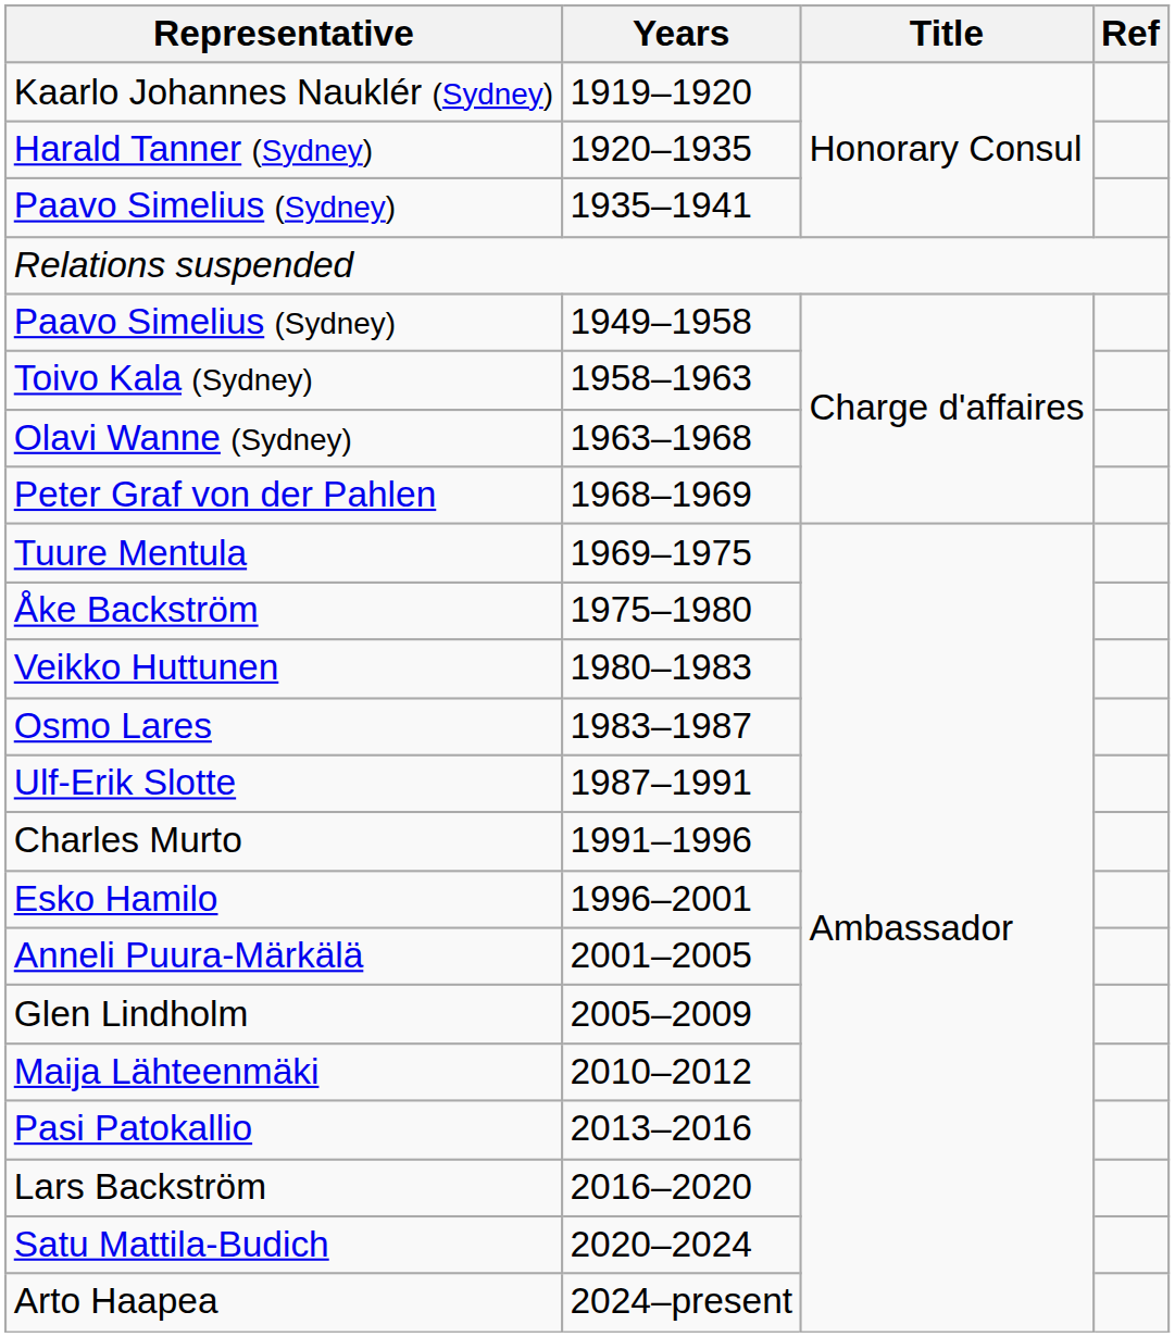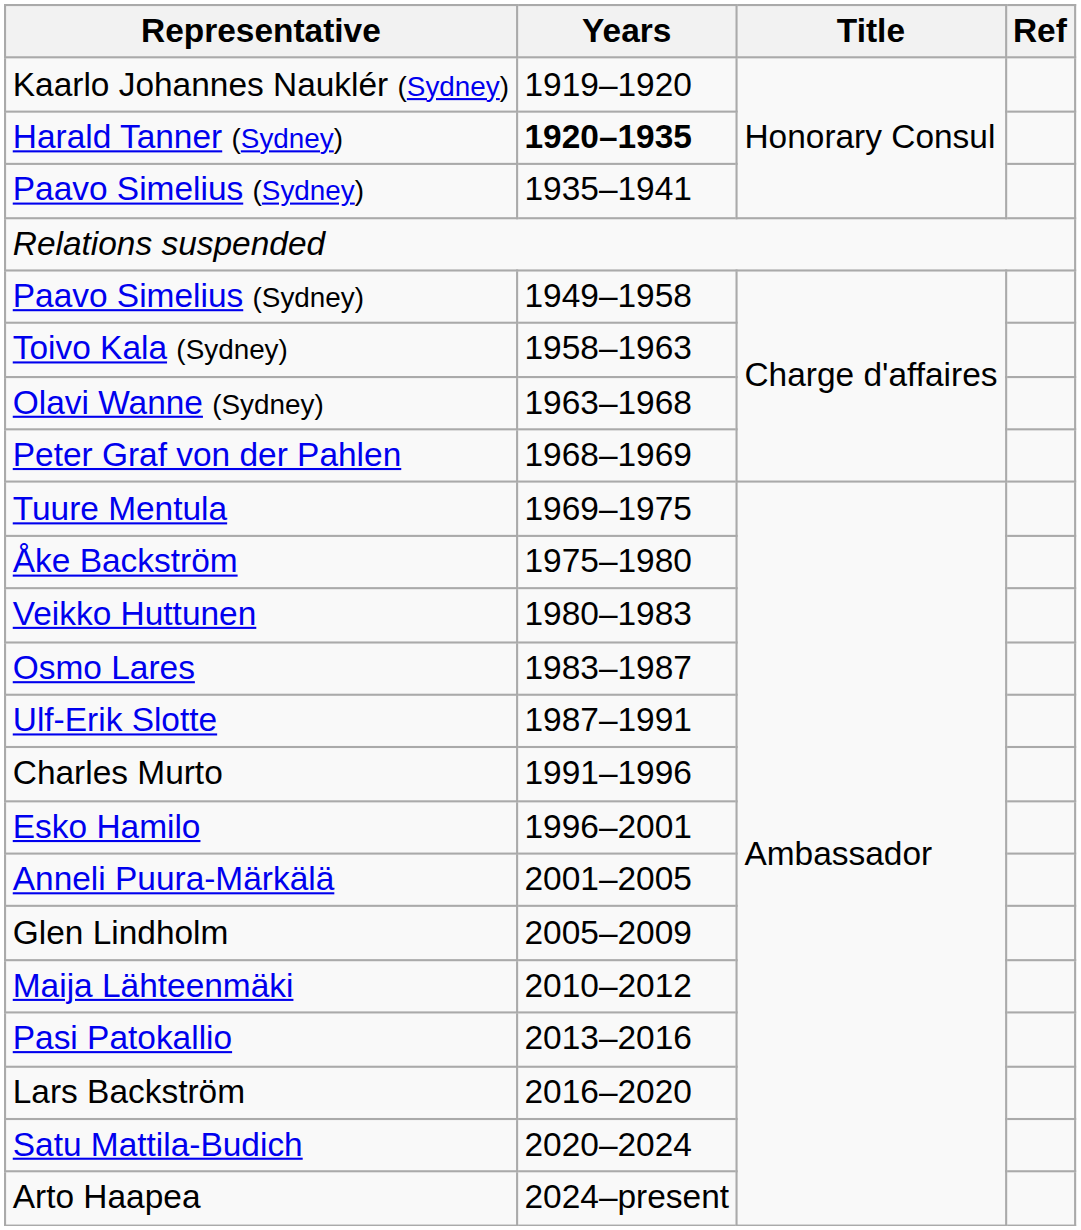 <table class="wikitable sortable">
 <tr>
 <th>Representative</th>
 <th>Years</th>
 <th>Title</th>
 <th>Ref</th>
 </tr>
 <tr>
 <td>Kaarlo Johannes Nauklér <small>(<a href='#'>Sydney</a>)</small></td>
 <td>1919–1920</td>
 <td rowspan="3">Honorary Consul</td>
 <td></td>
 </tr>
 <tr>
 <td><a href='#'>Harald Tanner</a> <small>(<a href='#'>Sydney</a>)</small></td>
-<td>1920–1935</td>
+<td><strong>1920–1935</strong></td>
 <td></td>
 </tr>
 <tr>
 <td><a href='#'>Paavo Simelius</a> <small>(<a href='#'>Sydney</a>)</small></td>
 <td>1935–1941</td>
 <td></td>
 </tr>
 <tr>
 <td colspan=4><em>Relations suspended</em></td>
 </tr>
 <tr>
 <td><a href='#'>Paavo Simelius</a> <small>(Sydney)</small></td>
 <td>1949–1958</td>
 <td rowspan="4">Charge d'affaires</td>
 <td></td>
 </tr>
 <tr>
 <td><a href='#'>Toivo Kala</a> <small>(Sydney)</small></td>
 <td>1958–1963</td>
 <td></td>
 </tr>
 <tr>
 <td><a href='#'>Olavi Wanne</a> <small>(Sydney)</small></td>
 <td>1963–1968</td>
 <td></td>
 </tr>
 <tr>
 <td><a href='#'>Peter Graf von der Pahlen</a></td>
 <td>1968–1969</td>
 <td></td>
 </tr>
 <tr>
 <td><a href='#'>Tuure Mentula</a></td>
 <td>1969–1975</td>
 <td rowspan="14">Ambassador</td>
 <td></td>
 </tr>
 <tr>
 <td><a href='#'>Åke Backström</a></td>
 <td>1975–1980</td>
 <td></td>
 </tr>
 <tr>
 <td><a href='#'>Veikko Huttunen</a></td>
 <td>1980–1983</td>
 <td></td>
 </tr>
 <tr>
 <td><a href='#'>Osmo Lares</a></td>
 <td>1983–1987</td>
 <td></td>
 </tr>
 <tr>
 <td><a href='#'>Ulf-Erik Slotte</a></td>
 <td>1987–1991</td>
 <td></td>
 </tr>
 <tr>
 <td>Charles Murto</td>
 <td>1991–1996</td>
 <td></td>
 </tr>
 <tr>
 <td><a href='#'>Esko Hamilo</a></td>
 <td>1996–2001</td>
 <td></td>
 </tr>
 <tr>
 <td><a href='#'>Anneli Puura-Märkälä</a></td>
 <td>2001–2005</td>
 <td></td>
 </tr>
 <tr>
 <td>Glen Lindholm</td>
 <td>2005–2009</td>
 <td></td>
 </tr>
 <tr>
 <td><a href='#'>Maija Lähteenmäki</a></td>
 <td>2010–2012</td>
 <td></td>
 </tr>
 <tr>
 <td><a href='#'>Pasi Patokallio</a></td>
 <td>2013–2016</td>
 <td></td>
 </tr>
 <tr>
 <td>Lars Backström</td>
 <td>2016–2020</td>
 <td></td>
 </tr>
 <tr>
 <td><a href='#'>Satu Mattila-Budich</a></td>
 <td>2020–2024</td>
 <td></td>
 </tr>
 <tr>
 <td>Arto Haapea</td>
 <td>2024–present</td>
 </tr>
 </table>
